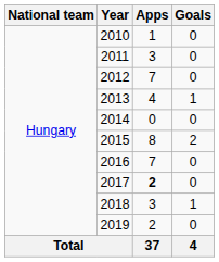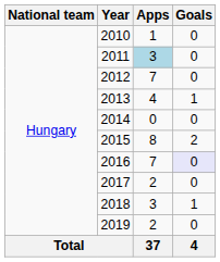 <table class="wikitable" style="text-align:center">
 <tr>
 <th>National team</th>
 <th>Year</th>
 <th>Apps</th>
 <th>Goals</th>
 </tr>
 <tr>
 <td rowspan="10"><a href='#'>Hungary</a></td>
 <td>2010</td>
 <td>1</td>
 <td>0</td>
 </tr>
 <tr>
 <td>2011</td>
-<td>3</td>
+<td style="background: lightblue;">3</td>
 <td>0</td>
 </tr>
 <tr>
 <td>2012</td>
 <td>7</td>
 <td>0</td>
 </tr>
 <tr>
 <td>2013</td>
 <td>4</td>
 <td>1</td>
 </tr>
 <tr>
 <td>2014</td>
 <td>0</td>
 <td>0</td>
 </tr>
 <tr>
 <td>2015</td>
 <td>8</td>
 <td>2</td>
 </tr>
 <tr>
 <td>2016</td>
 <td>7</td>
-<td>0</td>
+<td style="background: lavender;">0</td>
 </tr>
 <tr>
 <td>2017</td>
-<td><strong>2</strong></td>
+<td>2</td>
 <td>0</td>
 </tr>
 <tr>
 <td>2018</td>
 <td>3</td>
 <td>1</td>
 </tr>
 <tr>
 <td>2019</td>
 <td>2</td>
 <td>0</td>
 </tr>
 <tr>
 <th colspan="2">Total</th>
 <th>37</th>
 <th>4</th>
 </tr>
 </table>
